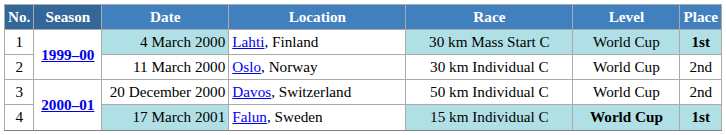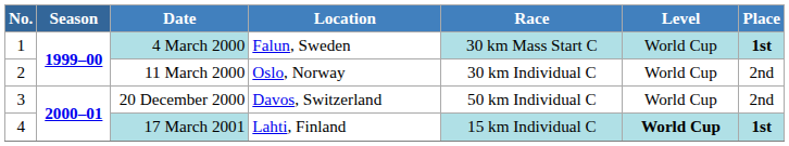 <table class="wikitable sortable" style="font-size:95%; text-align:center; border:grey solid 1px; border-collapse:collapse; background:#ffffff;">
 <tr style="background:#efefef;">
 <th style="background-color:#369; color:white;">No.</th>
 <th style="background-color:#369; color:white;">Season</th>
 <th style="background-color:#4180be; color:white; width:120px;">Date</th>
 <th style="background-color:#4180be; color:white; width:170px;">Location</th>
 <th style="background-color:#4180be; color:white; width:160px;">Race</th>
 <th style="background-color:#4180be; color:white; width:100px;">Level</th>
 <th style="background-color:#4180be; color:white;">Place</th>
 </tr>
 <tr>
 <td align=center>1</td>
 <td rowspan=2 align=center><strong><a href='#'>1999–00</a></strong></td>
 <td bgcolor="#BOEOE6" align=right>4 March 2000</td>
-<td align=left> <a href='#'>Lahti</a>, Finland</td>
+<td align=left> <a href='#'>Falun</a>, Sweden</td>
 <td bgcolor="#BOEOE6">30 km Mass Start C</td>
 <td bgcolor="#BOEOE6">World Cup</td>
 <td bgcolor="#BOEOE6"><strong>1st</strong></td>
 </tr>
 <tr>
 <td align=center>2</td>
 <td align=right>11 March 2000</td>
 <td align=left> <a href='#'>Oslo</a>, Norway</td>
 <td>30 km Individual C</td>
 <td>World Cup</td>
 <td>2nd</td>
 </tr>
 <tr>
 <td align=center>3</td>
 <td rowspan=2 align=center><strong> <a href='#'>2000–01</a> </strong></td>
 <td align=right>20 December 2000</td>
 <td align=left> <a href='#'>Davos</a>, Switzerland</td>
 <td>50 km Individual C</td>
 <td>World Cup</td>
 <td>2nd</td>
 </tr>
 <tr>
 <td align=center>4</td>
 <td bgcolor="#BOEOE6" align=right>17 March 2001</td>
-<td align=left> <a href='#'>Falun</a>, Sweden</td>
+<td align=left> <a href='#'>Lahti</a>, Finland</td>
 <td bgcolor="#BOEOE6">15 km Individual C</td>
 <td bgcolor="#BOEOE6"><strong>World Cup</strong></td>
 <td bgcolor="#BOEOE6"><strong>1st</strong></td>
 </tr>
 <tr>
 </tr>
 </table>
